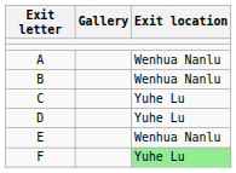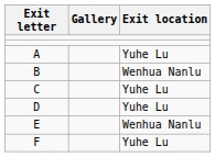 <table class="wikitable">
 <tr>
 <th style="width:70px" colspan="2">Exit letter</th>
 <th>Gallery</th>
 <th>Exit location</th>
 </tr>
 <tr style="background:#">
 <td colspan="4"></td>
 </tr>
 <tr style="background:#">
 <td colspan="4"></td>
 </tr>
 <tr>
 <td align="center" colspan="2">A</td>
 <td></td>
-<td>Wenhua Nanlu</td>
+<td>Yuhe Lu</td>
 </tr>
 <tr>
 <td align="center" colspan="2">B</td>
 <td></td>
 <td>Wenhua Nanlu</td>
 </tr>
 <tr>
 <td align="center" colspan="2">C</td>
 <td></td>
 <td>Yuhe Lu</td>
 </tr>
 <tr>
 <td align="center" colspan="2">D</td>
 <td></td>
 <td>Yuhe Lu</td>
 </tr>
 <tr>
 <td align="center" colspan="2">E</td>
 <td></td>
 <td>Wenhua Nanlu</td>
 </tr>
 <tr>
 <td align="center" colspan="2">F</td>
 <td></td>
-<td style="background: lightgreen;">Yuhe Lu</td>
+<td>Yuhe Lu</td>
 </tr>
 </table>
